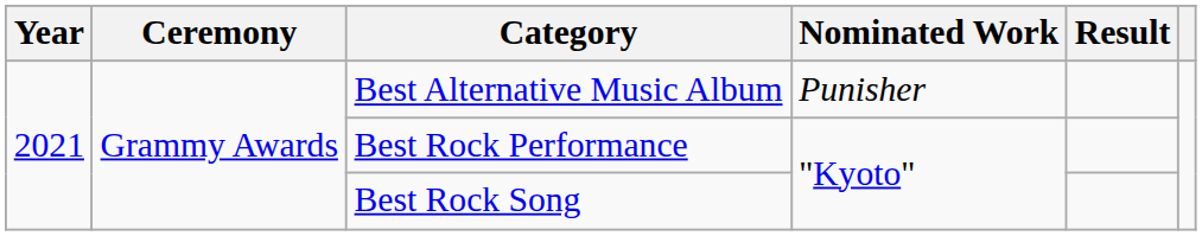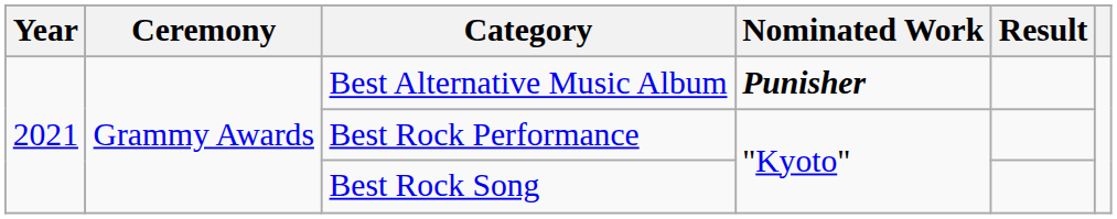 <table class="wikitable sortable plainrowheaders">
 <tr>
 <th scope="col">Year</th>
 <th scope="col">Ceremony</th>
 <th scope="col">Category</th>
 <th scope="col">Nominated Work</th>
 <th scope="col">Result</th>
 <th scope="col" class="unsortable"></th>
 </tr>
 <tr>
 <td rowspan="3"><a href='#'>2021</a></td>
 <td rowspan="3"><a href='#'>Grammy Awards</a></td>
 <td><a href='#'>Best Alternative Music Album</a></td>
-<td><em>Punisher</em></td>
+<td><strong><em>Punisher</em></strong></td>
 <td></td>
 <td rowspan="3"></td>
 </tr>
 <tr>
 <td><a href='#'>Best Rock Performance</a></td>
 <td rowspan="2">"<a href='#'>Kyoto</a>"</td>
 <td></td>
 </tr>
 <tr>
 <td><a href='#'>Best Rock Song</a></td>
 <td></td>
 </tr>
 </table>
